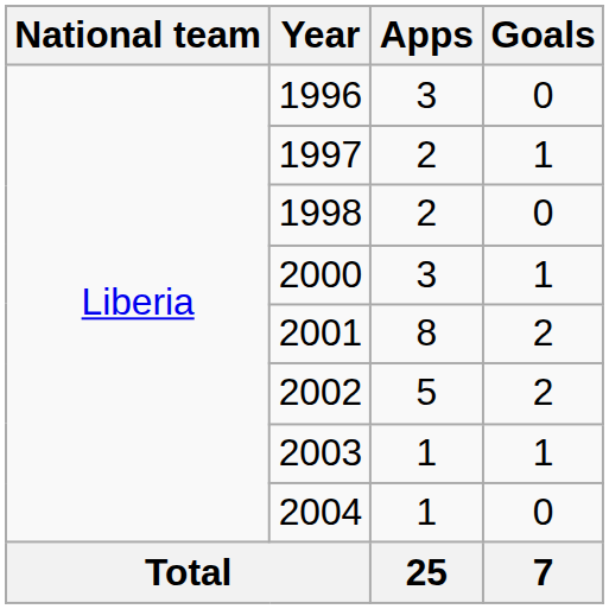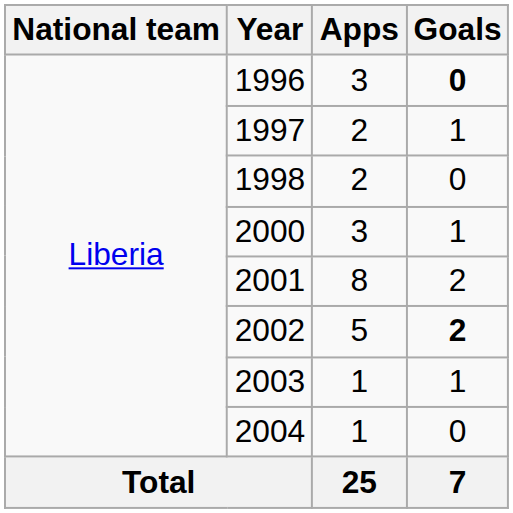 <table class="wikitable" style="text-align: center;">
 <tr>
 <th>National team</th>
 <th>Year</th>
 <th>Apps</th>
 <th>Goals</th>
 </tr>
 <tr>
 <td rowspan="8"><a href='#'>Liberia</a></td>
 <td>1996</td>
 <td>3</td>
-<td>0</td>
+<td><strong>0</strong></td>
 </tr>
 <tr>
 <td>1997</td>
 <td>2</td>
 <td>1</td>
 </tr>
 <tr>
 <td>1998</td>
 <td>2</td>
 <td>0</td>
 </tr>
 <tr>
 <td>2000</td>
 <td>3</td>
 <td>1</td>
 </tr>
 <tr>
 <td>2001</td>
 <td>8</td>
 <td>2</td>
 </tr>
 <tr>
 <td>2002</td>
 <td>5</td>
-<td>2</td>
+<td><strong>2</strong></td>
 </tr>
 <tr>
 <td>2003</td>
 <td>1</td>
 <td>1</td>
 </tr>
 <tr>
 <td>2004</td>
 <td>1</td>
 <td>0</td>
 </tr>
 <tr>
 <th colspan="2">Total</th>
 <th>25</th>
 <th>7</th>
 </tr>
 </table>
